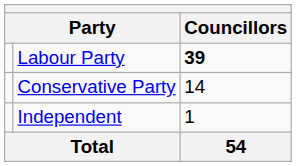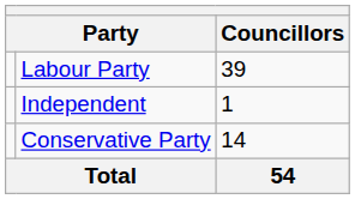 <table class="wikitable">
 <tr>
 <th colspan="3"></th>
 </tr>
 <tr>
 <th colspan="2">Party</th>
 <th>Councillors</th>
 </tr>
 <tr>
 <td style="color:inherit;background:"></td>
 <td><a href='#'>Labour Party</a></td>
-<td><strong>39</strong></td>
+<td>39</td>
+</tr>
+<tr>
+<td style="color:inherit;background:"></td>
+<td><a href='#'>Independent</a></td>
+<td>1</td>
 </tr>
 <tr>
 <td style="color:inherit;background:"></td>
 <td><a href='#'>Conservative Party</a></td>
 <td>14</td>
 </tr>
 <tr>
-<td style="color:inherit;background:"></td>
-<td><a href='#'>Independent</a></td>
-<td>1</td>
-</tr>
-<tr>
 <th colspan="2">Total</th>
 <th>54</th>
 </tr>
 </table>
